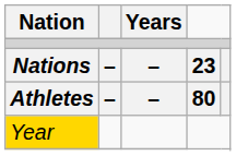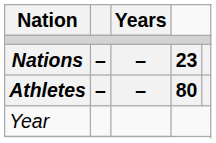 <table ! class=wikitable style="text-align: center; font-size: 95%;">
 <tr>
 <th>Nation</th>
 <th>    </th>
 <th>Years</th>
 </tr>
 <tr>
 </tr>
 <tr>
 </tr>
 <tr>
 </tr>
 <tr>
 </tr>
 <tr>
 </tr>
 <tr>
 </tr>
 <tr>
 </tr>
 <tr>
 </tr>
 <tr>
 </tr>
 <tr>
 </tr>
 <tr>
 </tr>
 <tr>
 </tr>
 <tr>
 </tr>
 <tr>
 </tr>
 <tr>
 </tr>
 <tr>
 </tr>
 <tr>
 </tr>
 <tr>
 </tr>
 <tr>
 </tr>
 <tr>
 </tr>
 <tr>
 </tr>
 <tr>
 </tr>
 <tr>
 </tr>
 <tr>
 <td colspan=13 bgcolor=lightgray></td>
 </tr>
 <tr>
 <th><em>Nations</em></th>
 <th>–</th>
 <th>–</th>
 <th>23</th>
 <th></th>
 </tr>
 <tr>
 <th><em>Athletes</em></th>
 <th>–</th>
 <th>–</th>
 <th>80</th>
 <th></th>
 </tr>
 <tr>
-<td style="background: gold; text-align:left;"><em>Year</em></td>
+<td style="text-align:left;"><em>Year</em></td>
 <td>    </td>
 <td></td>
 </tr>
 <tr>
 </tr>
 </table>
